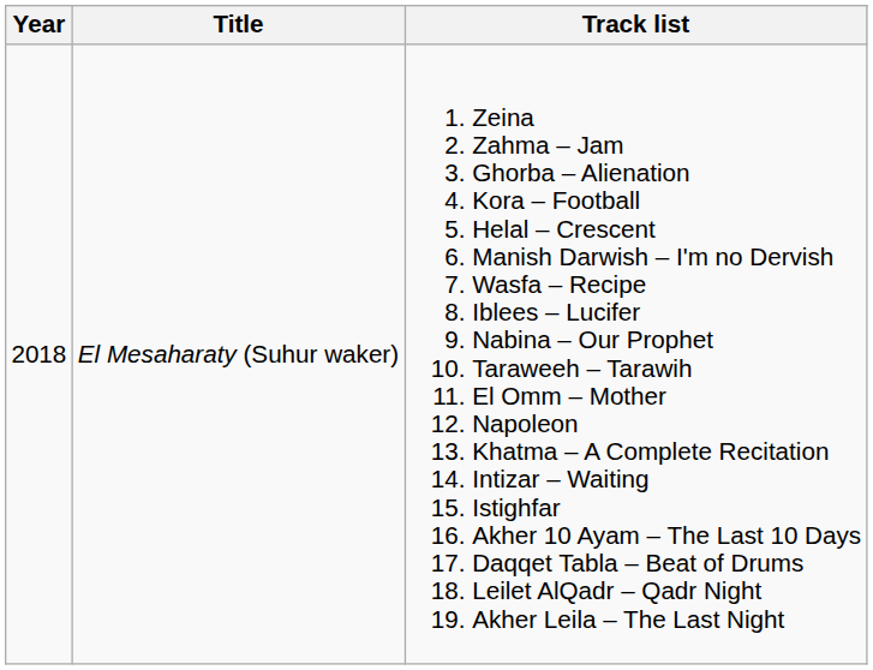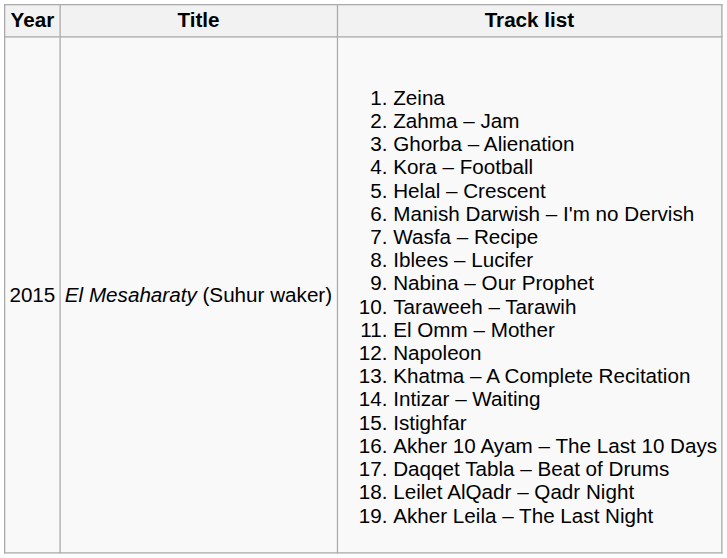 <table class="wikitable">
 <tr>
 <th>Year</th>
 <th>Title</th>
 <th>Track list</th>
 </tr>
 <tr>
-<td>2018</td>
+<td>2015</td>
 <td><em>El Mesaharaty</em> (Suhur waker)</td>
 <td><br><ol><li>Zeina</li><li>Zahma – Jam</li><li>Ghorba – Alienation</li><li>Kora – Football</li><li>Helal – Crescent</li><li>Manish Darwish – I'm no Dervish</li><li>Wasfa – Recipe</li><li>Iblees – Lucifer</li><li>Nabina – Our Prophet</li><li>Taraweeh – Tarawih</li><li>El Omm – Mother</li><li>Napoleon</li><li>Khatma – A Complete Recitation</li><li>Intizar – Waiting</li><li>Istighfar</li><li>Akher 10 Ayam – The Last 10 Days</li><li>Daqqet Tabla – Beat of Drums</li><li>Leilet AlQadr – Qadr Night</li><li>Akher Leila – The Last Night</li></ol></td>
 </tr>
 </table>
